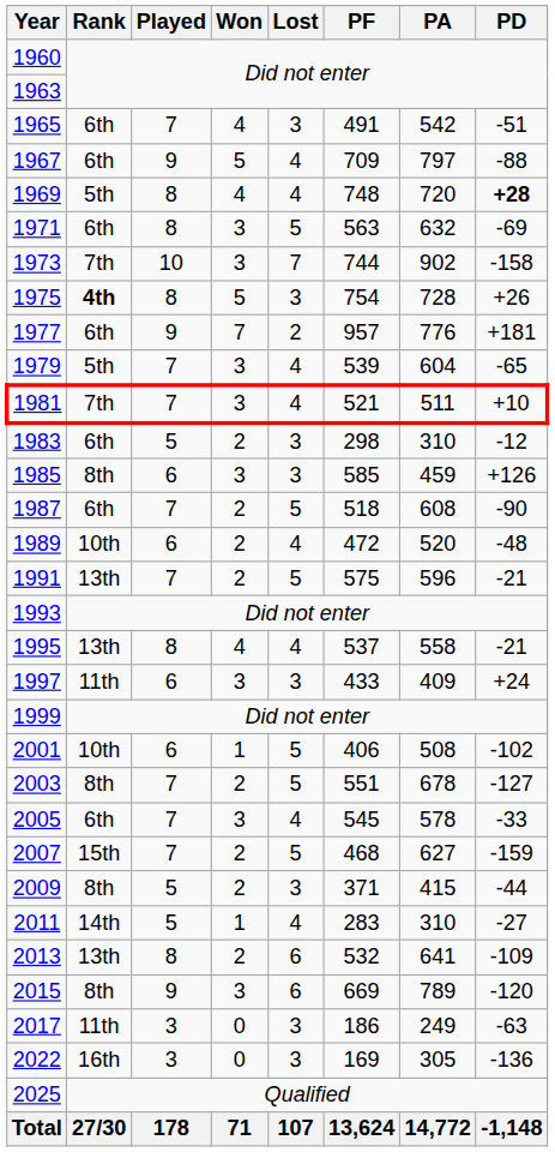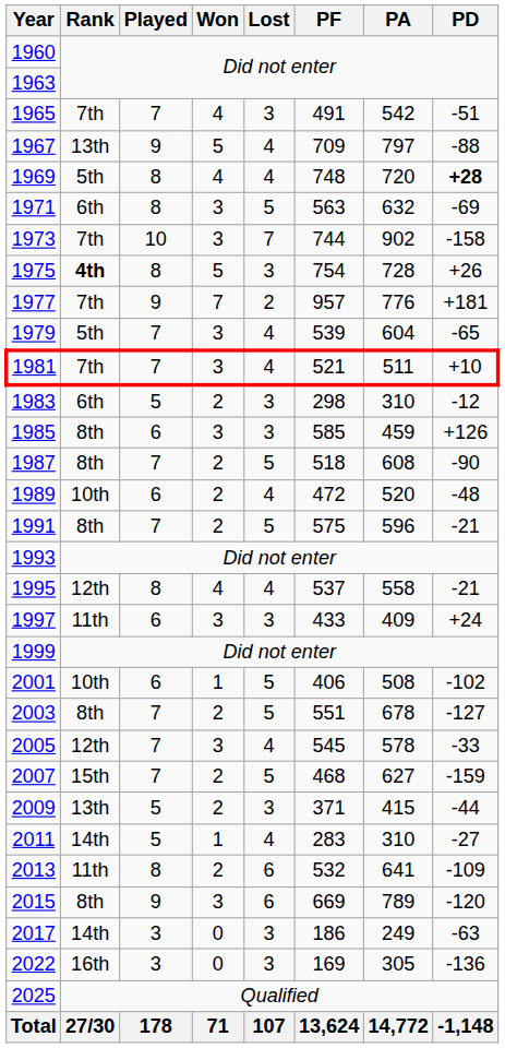 <table class="wikitable sortable" style="text-align: center;">
 <tr>
 <th>Year</th>
 <th>Rank</th>
 <th>Played</th>
 <th>Won</th>
 <th>Lost</th>
 <th>PF</th>
 <th>PA</th>
 <th>PD</th>
 </tr>
 <tr>
 <td> <a href='#'>1960</a></td>
 <td rowspan=2 colspan=7><em>Did not enter</em></td>
 </tr>
 <tr>
 <td> <a href='#'>1963</a></td>
 </tr>
 <tr>
 <td> <a href='#'>1965</a></td>
-<td>6th</td>
+<td>7th</td>
 <td>7</td>
 <td>4</td>
 <td>3</td>
 <td>491</td>
 <td>542</td>
 <td>-51</td>
 </tr>
 <tr>
 <td> <a href='#'>1967</a></td>
-<td>6th</td>
+<td>13th</td>
 <td>9</td>
 <td>5</td>
 <td>4</td>
 <td>709</td>
 <td>797</td>
 <td>-88</td>
 </tr>
 <tr>
 <td> <a href='#'>1969</a></td>
 <td>5th</td>
 <td>8</td>
 <td>4</td>
 <td>4</td>
 <td>748</td>
 <td>720</td>
 <td><strong>+28</strong></td>
 </tr>
 <tr>
 <td> <a href='#'>1971</a></td>
 <td>6th</td>
 <td>8</td>
 <td>3</td>
 <td>5</td>
 <td>563</td>
 <td>632</td>
 <td>-69</td>
 </tr>
 <tr>
 <td> <a href='#'>1973</a></td>
 <td>7th</td>
 <td>10</td>
 <td>3</td>
 <td>7</td>
 <td>744</td>
 <td>902</td>
 <td>-158</td>
 </tr>
 <tr>
 <td> <a href='#'>1975</a></td>
 <td><strong>4th</strong></td>
 <td>8</td>
 <td>5</td>
 <td>3</td>
 <td>754</td>
 <td>728</td>
 <td>+26</td>
 </tr>
 <tr>
 <td> <a href='#'>1977</a></td>
-<td>6th</td>
+<td>7th</td>
 <td>9</td>
 <td>7</td>
 <td>2</td>
 <td>957</td>
 <td>776</td>
 <td>+181</td>
 </tr>
 <tr>
 <td> <a href='#'>1979</a></td>
 <td>5th</td>
 <td>7</td>
 <td>3</td>
 <td>4</td>
 <td>539</td>
 <td>604</td>
 <td>-65</td>
 </tr>
 <tr style="border: 3px solid red">
 <td> <a href='#'>1981</a></td>
 <td>7th</td>
 <td>7</td>
 <td>3</td>
 <td>4</td>
 <td>521</td>
 <td>511</td>
 <td>+10</td>
 </tr>
 <tr>
 <td> <a href='#'>1983</a></td>
 <td>6th</td>
 <td>5</td>
 <td>2</td>
 <td>3</td>
 <td>298</td>
 <td>310</td>
 <td>-12</td>
 </tr>
 <tr>
 <td> <a href='#'>1985</a></td>
 <td>8th</td>
 <td>6</td>
 <td>3</td>
 <td>3</td>
 <td>585</td>
 <td>459</td>
 <td>+126</td>
 </tr>
 <tr>
 <td> <a href='#'>1987</a></td>
-<td>6th</td>
+<td>8th</td>
 <td>7</td>
 <td>2</td>
 <td>5</td>
 <td>518</td>
 <td>608</td>
 <td>-90</td>
 </tr>
 <tr>
 <td> <a href='#'>1989</a></td>
 <td>10th</td>
 <td>6</td>
 <td>2</td>
 <td>4</td>
 <td>472</td>
 <td>520</td>
 <td>-48</td>
 </tr>
 <tr>
 <td> <a href='#'>1991</a></td>
-<td>13th</td>
+<td>8th</td>
 <td>7</td>
 <td>2</td>
 <td>5</td>
 <td>575</td>
 <td>596</td>
 <td>-21</td>
 </tr>
 <tr>
 <td> <a href='#'>1993</a></td>
 <td colspan=7><em>Did not enter</em></td>
 </tr>
 <tr>
 <td> <a href='#'>1995</a></td>
-<td>13th</td>
+<td>12th</td>
 <td>8</td>
 <td>4</td>
 <td>4</td>
 <td>537</td>
 <td>558</td>
 <td>-21</td>
 </tr>
 <tr>
 <td> <a href='#'>1997</a></td>
 <td>11th</td>
 <td>6</td>
 <td>3</td>
 <td>3</td>
 <td>433</td>
 <td>409</td>
 <td>+24</td>
 </tr>
 <tr>
 <td> <a href='#'>1999</a></td>
 <td colspan=7><em>Did not enter</em></td>
 </tr>
 <tr>
 <td> <a href='#'>2001</a></td>
 <td>10th</td>
 <td>6</td>
 <td>1</td>
 <td>5</td>
 <td>406</td>
 <td>508</td>
 <td>-102</td>
 </tr>
 <tr>
 <td> <a href='#'>2003</a></td>
 <td>8th</td>
 <td>7</td>
 <td>2</td>
 <td>5</td>
 <td>551</td>
 <td>678</td>
 <td>-127</td>
 </tr>
 <tr>
 <td> <a href='#'>2005</a></td>
-<td>6th</td>
+<td>12th</td>
 <td>7</td>
 <td>3</td>
 <td>4</td>
 <td>545</td>
 <td>578</td>
 <td>-33</td>
 </tr>
 <tr>
 <td> <a href='#'>2007</a></td>
 <td>15th</td>
 <td>7</td>
 <td>2</td>
 <td>5</td>
 <td>468</td>
 <td>627</td>
 <td>-159</td>
 </tr>
 <tr>
 <td> <a href='#'>2009</a></td>
-<td>8th</td>
+<td>13th</td>
 <td>5</td>
 <td>2</td>
 <td>3</td>
 <td>371</td>
 <td>415</td>
 <td>-44</td>
 </tr>
 <tr>
 <td> <a href='#'>2011</a></td>
 <td>14th</td>
 <td>5</td>
 <td>1</td>
 <td>4</td>
 <td>283</td>
 <td>310</td>
 <td>-27</td>
 </tr>
 <tr>
 <td> <a href='#'>2013</a></td>
-<td>13th</td>
+<td>11th</td>
 <td>8</td>
 <td>2</td>
 <td>6</td>
 <td>532</td>
 <td>641</td>
 <td>-109</td>
 </tr>
 <tr>
 <td> <a href='#'>2015</a></td>
 <td>8th</td>
 <td>9</td>
 <td>3</td>
 <td>6</td>
 <td>669</td>
 <td>789</td>
 <td>-120</td>
 </tr>
 <tr>
 <td> <a href='#'>2017</a></td>
-<td>11th</td>
+<td>14th</td>
 <td>3</td>
 <td>0</td>
 <td>3</td>
 <td>186</td>
 <td>249</td>
 <td>-63</td>
 </tr>
 <tr>
 <td> <a href='#'>2022</a></td>
 <td>16th</td>
 <td>3</td>
 <td>0</td>
 <td>3</td>
 <td>169</td>
 <td>305</td>
 <td>-136</td>
 </tr>
 <tr>
 <td> <a href='#'>2025</a></td>
 <td colspan=7><em>Qualified</em></td>
 </tr>
 <tr>
 <th>Total</th>
 <th>27/30</th>
 <th>178</th>
 <th>71</th>
 <th>107</th>
 <th>13,624</th>
 <th>14,772</th>
 <th>-1,148</th>
 </tr>
 </table>
